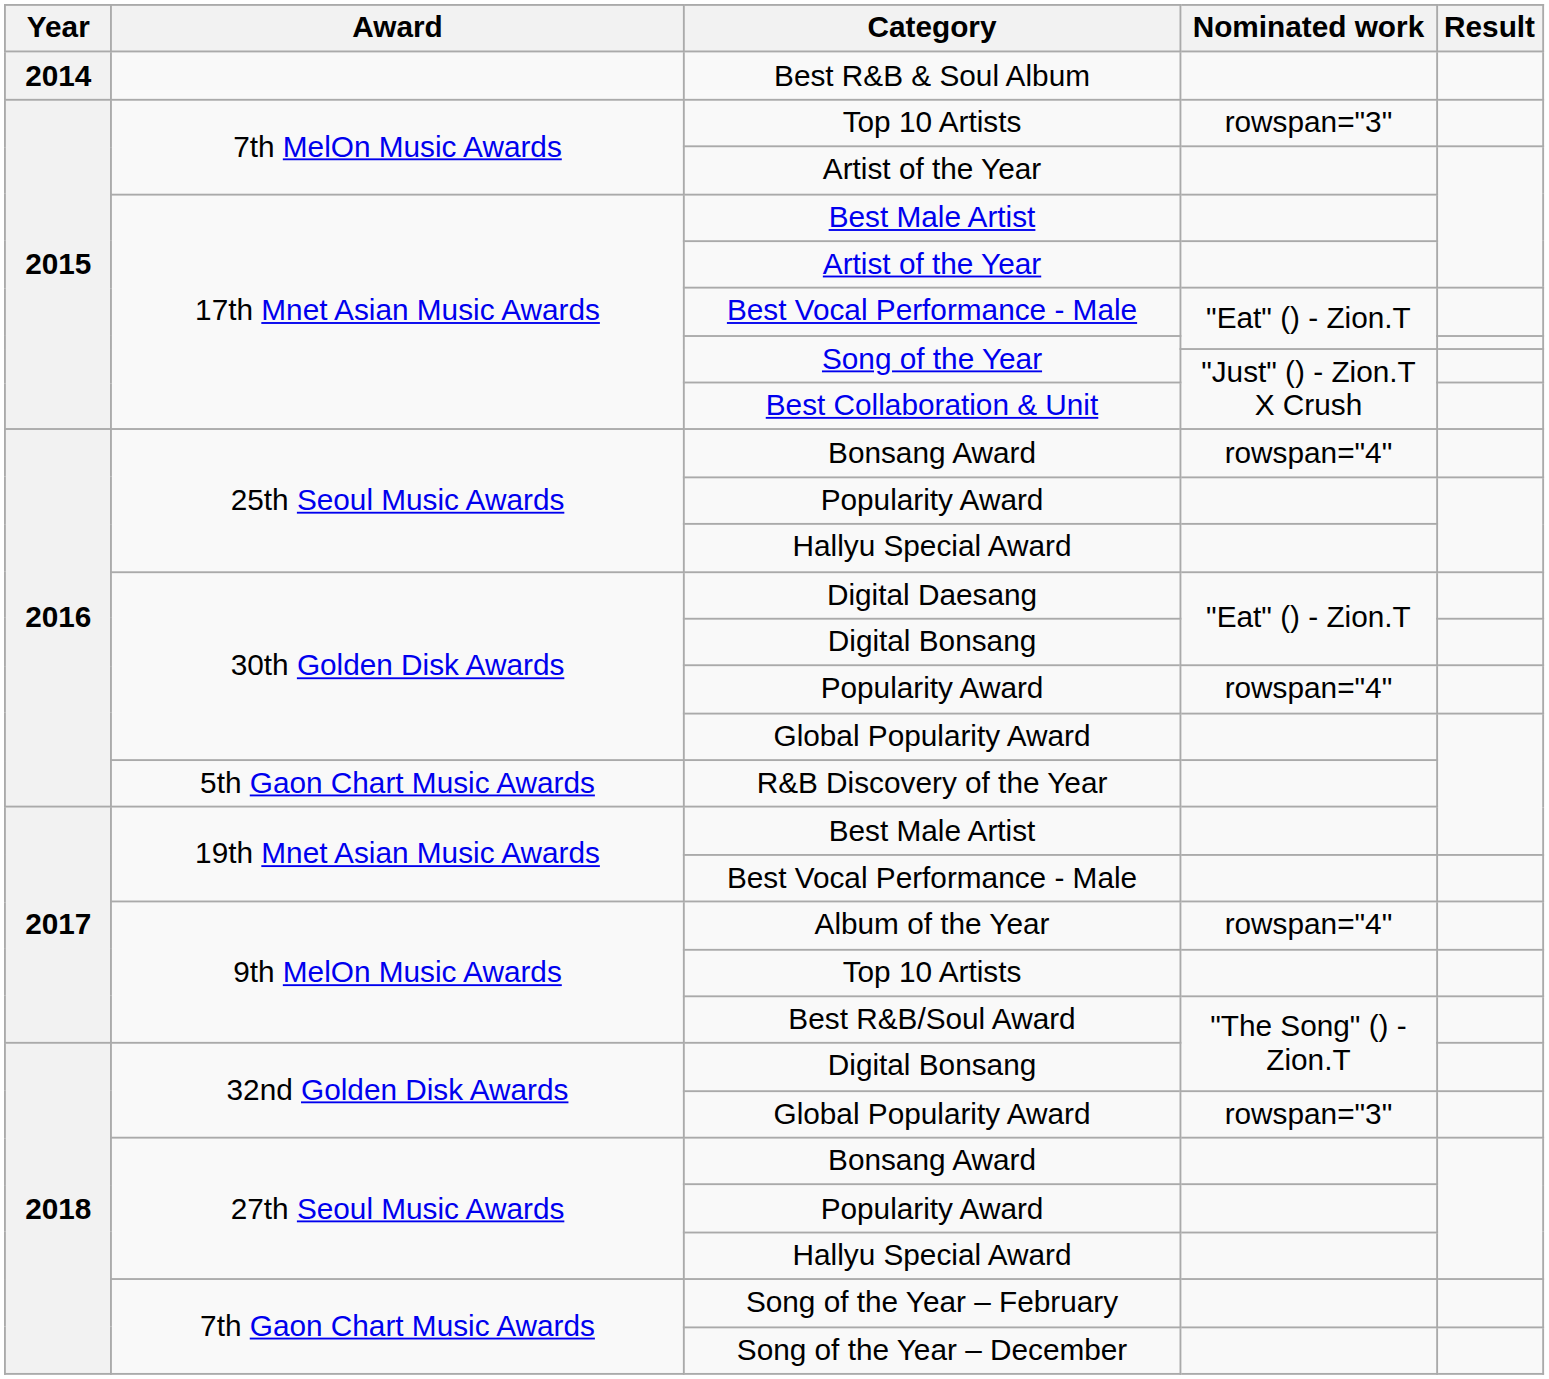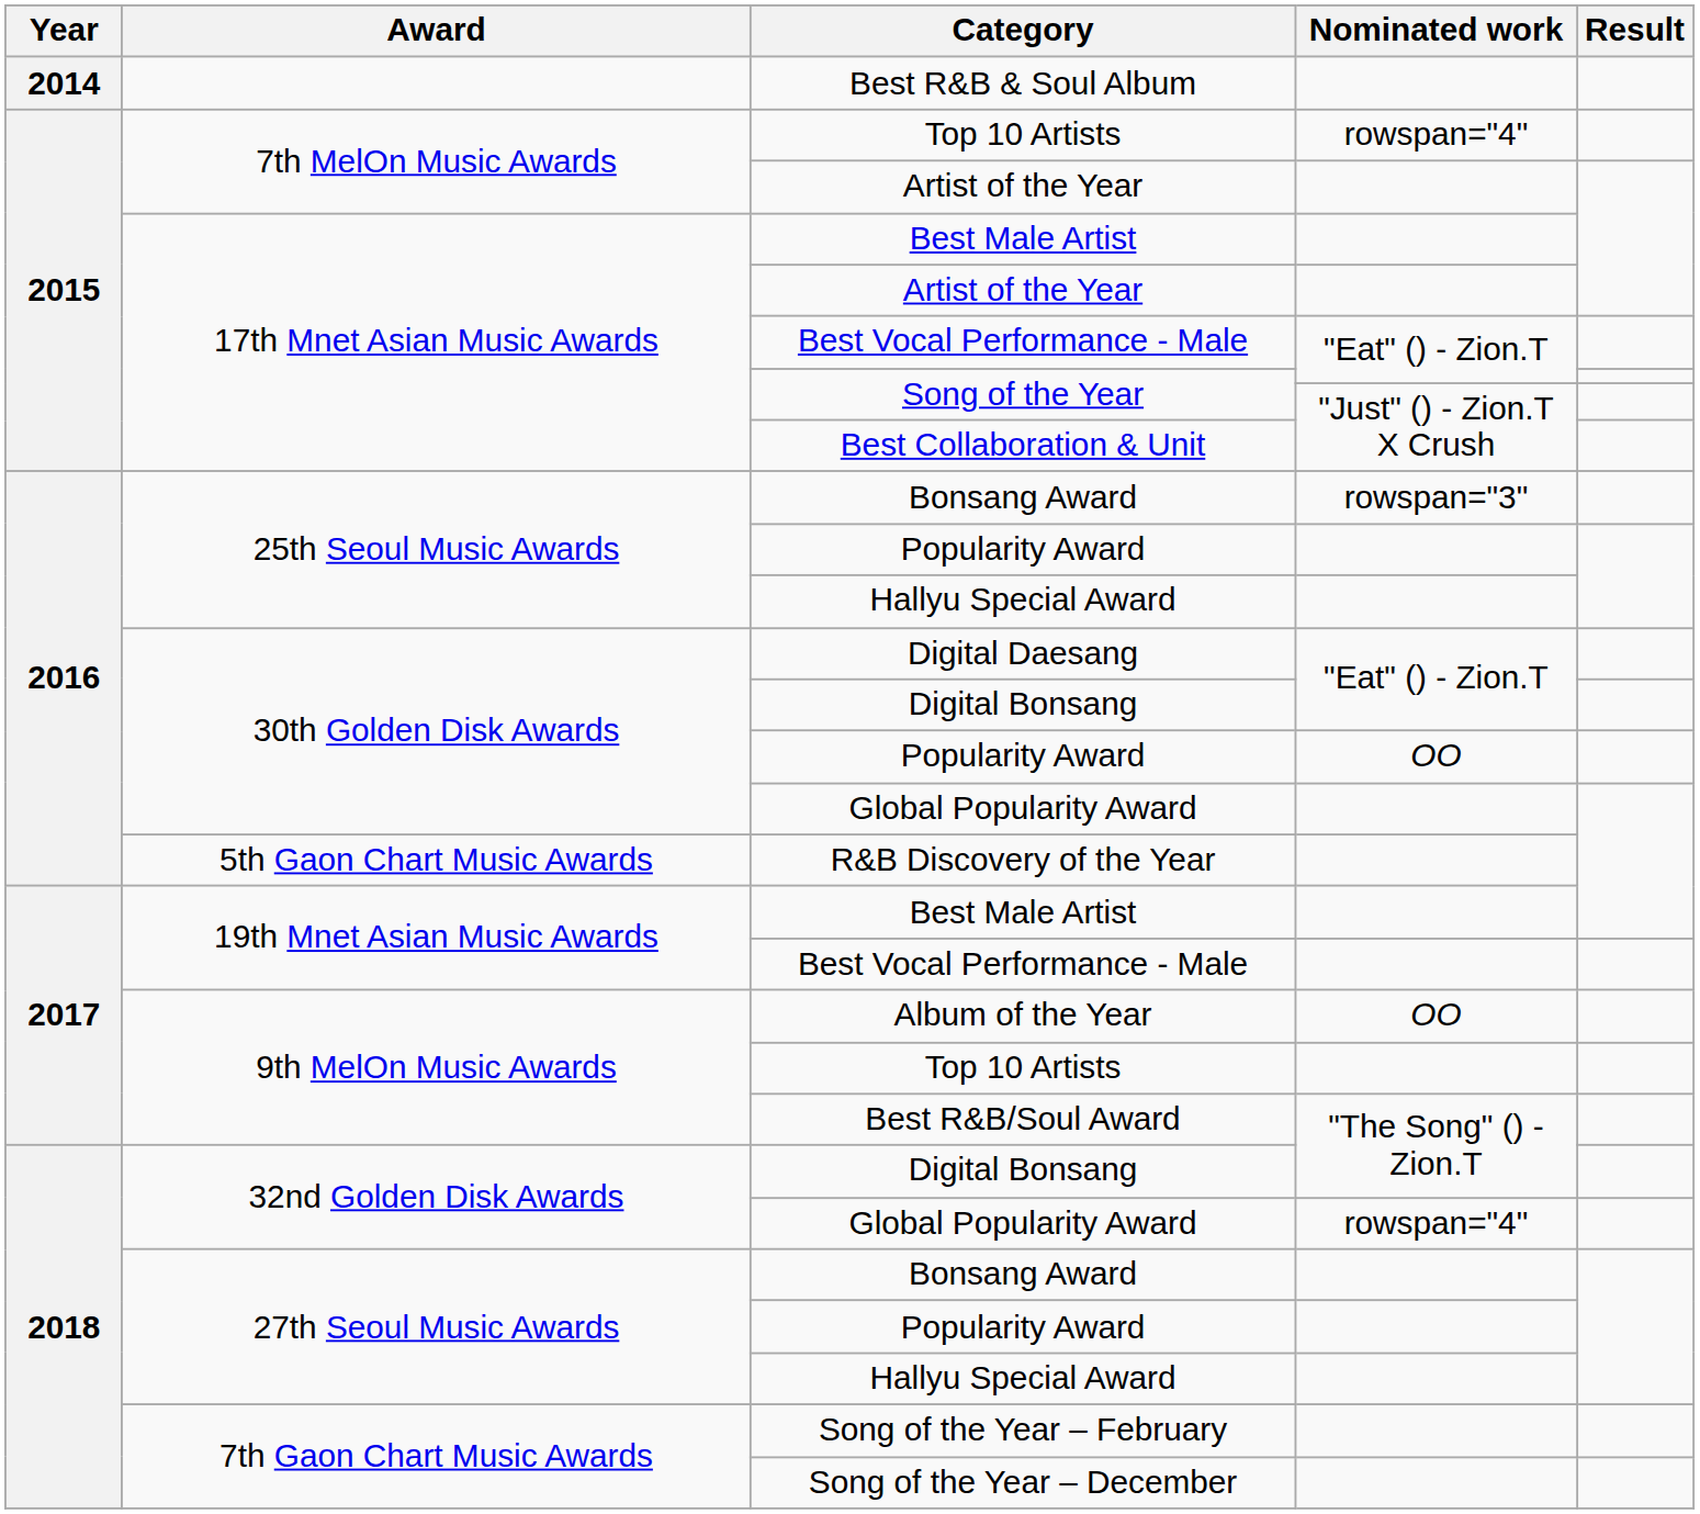 <table class="wikitable" style="text-align:center;">
 <tr>
 <th style="width:50px;">Year</th>
 <th style="width:300px;">Award</th>
 <th style="width:260px;">Category</th>
 <th style="width:130px;">Nominated work</th>
 <th style="width:50px;">Result</th>
 </tr>
 <tr>
 <th rowspan="1">2014</th>
 <td></td>
 <td>Best R&B & Soul Album</td>
 <td></td>
 <td></td>
 </tr>
 <tr>
 <th rowspan="8">2015</th>
 <td rowspan="2" style="text-align:center;">7th <a href='#'>MelOn Music Awards</a></td>
 <td>Top 10 Artists</td>
-<td>rowspan="3" </td>
+<td>rowspan="4" </td>
 <td></td>
 </tr>
 <tr>
 <td>Artist of the Year</td>
 <td></td>
 </tr>
 <tr>
 <td rowspan="6" style="text-align:center;">17th <a href='#'>Mnet Asian Music Awards</a></td>
 <td><a href='#'>Best Male Artist</a></td>
 <td></td>
 </tr>
 <tr>
 <td><a href='#'>Artist of the Year</a></td>
 <td></td>
 </tr>
 <tr>
 <td><a href='#'>Best Vocal Performance - Male</a></td>
 <td rowspan="2" style="text-align:center;">"Eat" () - Zion.T</td>
 <td></td>
 </tr>
 <tr>
 <td rowspan="2"><a href='#'>Song of the Year</a></td>
 <td></td>
 </tr>
 <tr>
 <td rowspan="2" style="text-align:center;">"Just" () - Zion.T X Crush</td>
 <td></td>
 </tr>
 <tr>
 <td><a href='#'>Best Collaboration & Unit</a></td>
 <td></td>
 </tr>
 <tr>
 <th rowspan="8">2016</th>
 <td rowspan="3">25th <a href='#'>Seoul Music Awards</a></td>
 <td>Bonsang Award</td>
-<td>rowspan="4" </td>
+<td>rowspan="3" </td>
 <td></td>
 </tr>
 <tr>
 <td>Popularity Award</td>
 <td></td>
 </tr>
 <tr>
 <td>Hallyu Special Award</td>
 <td></td>
 </tr>
 <tr>
 <td rowspan="4">30th <a href='#'>Golden Disk Awards</a></td>
 <td>Digital Daesang</td>
 <td rowspan="2" style="text-align:center;">"Eat" () - Zion.T</td>
 <td></td>
 </tr>
 <tr>
 <td>Digital Bonsang</td>
 <td></td>
 </tr>
 <tr>
 <td>Popularity Award</td>
-<td>rowspan="4" </td>
+<td><em>OO</em></td>
 <td></td>
 </tr>
 <tr>
 <td>Global Popularity Award</td>
 <td></td>
 </tr>
 <tr>
 <td>5th <a href='#'>Gaon Chart Music Awards</a></td>
 <td>R&B Discovery of the Year</td>
 <td></td>
 </tr>
 <tr>
 <th rowspan="5">2017</th>
 <td rowspan="2" style="text-align:center;">19th <a href='#'>Mnet Asian Music Awards</a></td>
 <td>Best Male Artist</td>
 <td></td>
 </tr>
 <tr>
 <td>Best Vocal Performance - Male</td>
 <td></td>
 <td></td>
 </tr>
 <tr>
 <td rowspan="3" style="text-align:center;">9th <a href='#'>MelOn Music Awards</a></td>
 <td>Album of the Year</td>
-<td>rowspan="4" </td>
+<td><em>OO</em></td>
 <td></td>
 </tr>
 <tr>
 <td>Top 10 Artists</td>
 <td></td>
 <td></td>
 </tr>
 <tr>
 <td>Best R&B/Soul Award</td>
 <td rowspan="2" style="text-align:center;">"The Song" () - Zion.T</td>
 <td></td>
 </tr>
 <tr>
 <th rowspan="7">2018</th>
 <td rowspan="2">32nd <a href='#'>Golden Disk Awards</a></td>
 <td>Digital Bonsang</td>
 <td></td>
 </tr>
 <tr>
 <td>Global Popularity Award</td>
-<td>rowspan="3" </td>
+<td>rowspan="4" </td>
 <td></td>
 </tr>
 <tr>
 <td rowspan="3">27th <a href='#'>Seoul Music Awards</a></td>
 <td>Bonsang Award</td>
 <td></td>
 </tr>
 <tr>
 <td>Popularity Award</td>
 <td></td>
 </tr>
 <tr>
 <td>Hallyu Special Award</td>
 <td></td>
 </tr>
 <tr>
 <td rowspan="2">7th <a href='#'>Gaon Chart Music Awards</a></td>
 <td>Song of the Year – February</td>
 <td></td>
 <td></td>
 </tr>
 <tr>
 <td>Song of the Year – December</td>
 <td></td>
 <td></td>
 </tr>
 </table>
